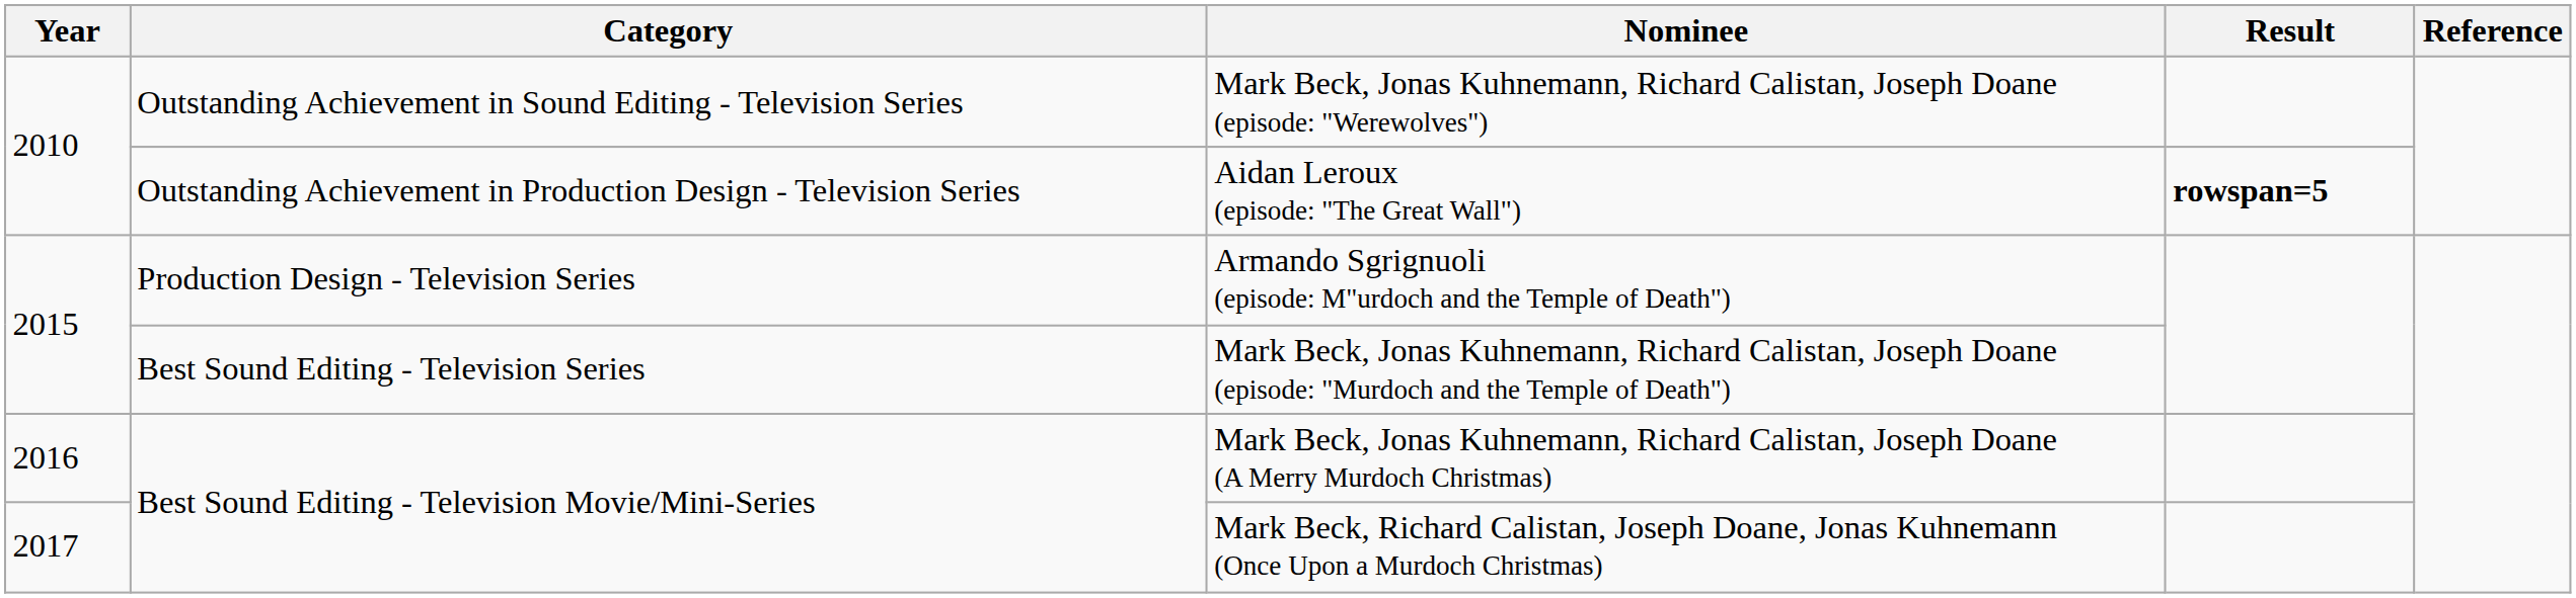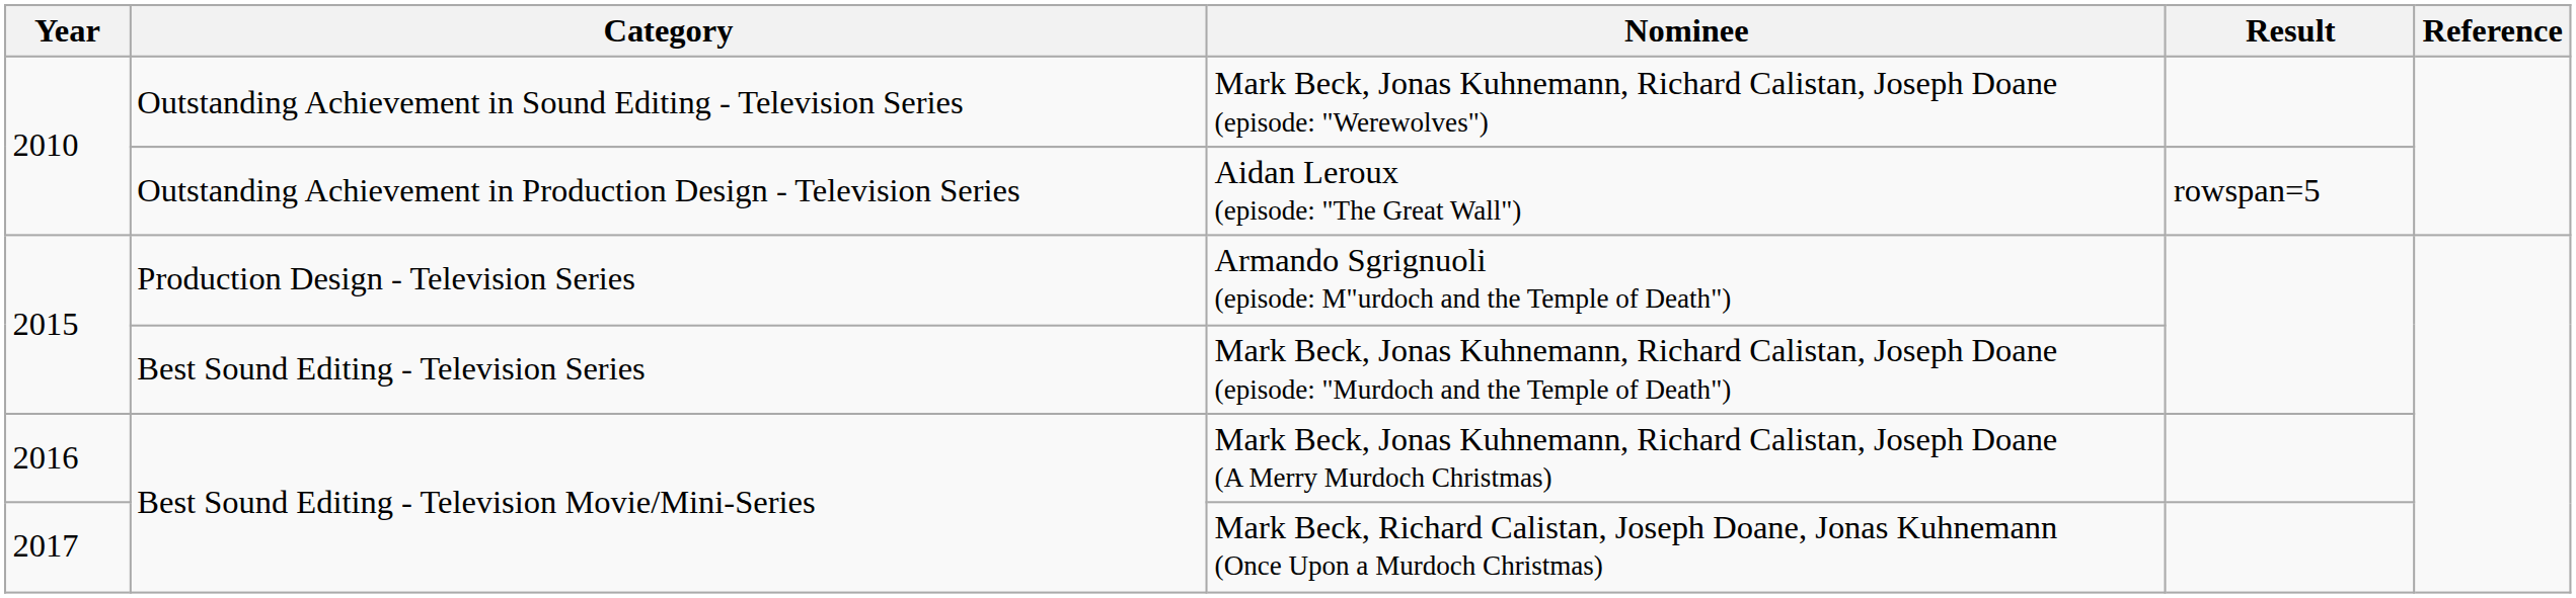 <table class="wikitable">
 <tr>
 <th width=5%>Year</th>
 <th width=45%>Category</th>
 <th width=40%>Nominee</th>
 <th width=10%>Result</th>
 <th width=5%>Reference</th>
 </tr>
 <tr>
 <td rowspan=2>2010</td>
 <td>Outstanding Achievement in Sound Editing - Television Series</td>
 <td>Mark Beck, Jonas Kuhnemann, Richard Calistan, Joseph Doane<br><small>(episode: "Werewolves")</small></td>
 <td></td>
 <td rowspan="2"></td>
 </tr>
 <tr>
 <td>Outstanding Achievement in Production Design - Television Series</td>
 <td>Aidan Leroux<br><small>(episode: "The Great Wall")</small></td>
-<td><strong>rowspan=5 </strong></td>
+<td>rowspan=5 </td>
 </tr>
 <tr>
 <td rowspan=2>2015</td>
 <td>Production Design - Television Series</td>
 <td>Armando Sgrignuoli<br><small>(episode: M"urdoch and the Temple of Death")</small></td>
 <td rowspan=2></td>
 </tr>
 <tr>
 <td>Best Sound Editing - Television Series</td>
 <td>Mark Beck, Jonas Kuhnemann, Richard Calistan, Joseph Doane<br><small>(episode: "Murdoch and the Temple of Death")</small></td>
 </tr>
 <tr>
 <td>2016</td>
 <td rowspan=2>Best Sound Editing - Television Movie/Mini-Series</td>
 <td>Mark Beck, Jonas Kuhnemann, Richard Calistan, Joseph Doane<br><small>(A Merry Murdoch Christmas)</small></td>
 <td></td>
 </tr>
 <tr>
 <td>2017</td>
 <td>Mark Beck, Richard Calistan, Joseph Doane, Jonas Kuhnemann<br><small>(Once Upon a Murdoch Christmas)</small></td>
 <td></td>
 </tr>
 </table>
